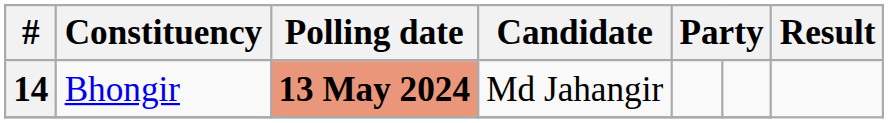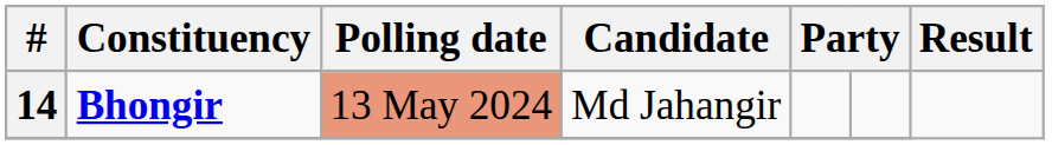 <table class="wikitable sortable">
 <tr>
 <th>#</th>
 <th>Constituency</th>
 <th>Polling date</th>
 <th>Candidate</th>
 <th colspan="2">Party</th>
 <th>Result</th>
 </tr>
 <tr>
 <th>14</th>
-<td><a href='#'>Bhongir</a></td>
-<td bgcolor="#E9967A"><strong>13 May 2024</strong></td>
+<td><strong><a href='#'>Bhongir</a></strong></td>
+<td bgcolor="#E9967A">13 May 2024</td>
 <td>Md Jahangir</td>
 <td></td>
 <td></td>
 </tr>
 <tr>
 </tr>
 </table>
